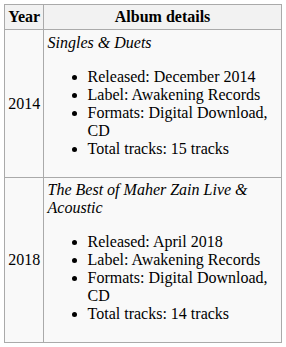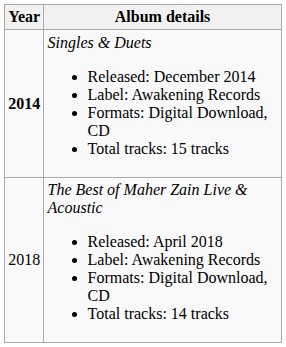 <table class="wikitable">
 <tr>
 <th>Year</th>
 <th style="width:230px;">Album details</th>
 </tr>
 <tr>
-<td>2014</td>
+<td><strong>2014</strong></td>
 <td><em>Singles & Duets</em><br><ul><li>Released: December 2014</li><li>Label: Awakening Records</li><li>Formats: Digital Download, CD</li><li>Total tracks: 15 tracks</li></ul></td>
 </tr>
 <tr>
 <td>2018</td>
 <td><em>The Best of Maher Zain Live & Acoustic</em><br><ul><li>Released: April 2018</li><li>Label: Awakening Records</li><li>Formats: Digital Download, CD</li><li>Total tracks: 14 tracks</li></ul></td>
 </tr>
 </table>
